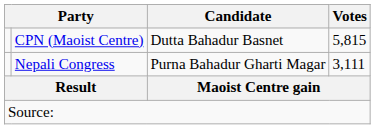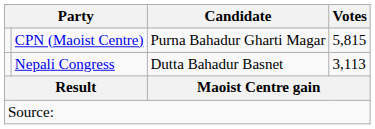 <table class="wikitable">
 <tr>
 <th colspan="2">Party</th>
 <th>Candidate</th>
 <th>Votes</th>
 </tr>
 <tr>
 <td style="background-color:"></td>
 <td><a href='#'>CPN (Maoist Centre)</a></td>
-<td>Dutta Bahadur Basnet</td>
+<td>Purna Bahadur Gharti Magar</td>
 <td>5,815</td>
 </tr>
 <tr>
 <td style="background-color:"></td>
 <td><a href='#'>Nepali Congress</a></td>
-<td>Purna Bahadur Gharti Magar</td>
-<td>3,111</td>
+<td>Dutta Bahadur Basnet</td>
+<td>3,113</td>
 </tr>
 <tr>
 <th colspan="2">Result</th>
 <th colspan="2">Maoist Centre gain</th>
 </tr>
 <tr>
 <td colspan="4">Source: </td>
 </tr>
 </table>
